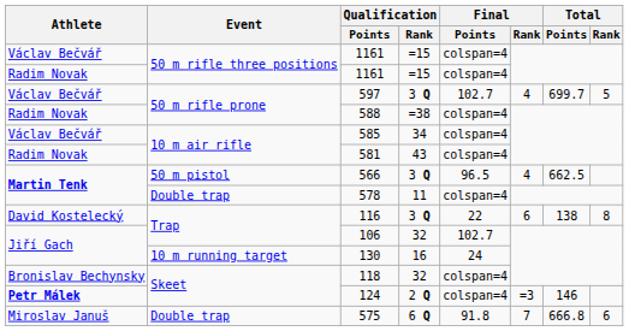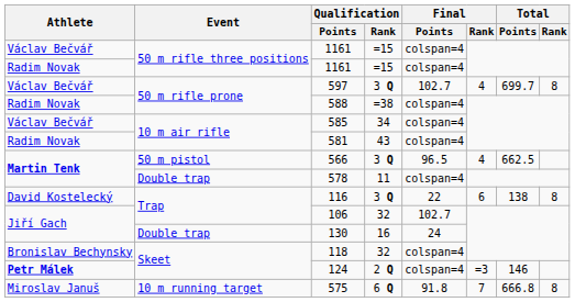 <table class=wikitable style=font-size:90%;text-align:center>
 <tr>
 <th rowspan=2>Athlete</th>
 <th rowspan=2>Event</th>
 <th colspan=2>Qualification</th>
 <th colspan=2>Final</th>
 <th colspan=2>Total</th>
 </tr>
 <tr style=font-size:95%>
 <th>Points</th>
 <th>Rank</th>
 <th>Points</th>
 <th>Rank</th>
 <th>Points</th>
 <th>Rank</th>
 </tr>
 <tr>
 <td align=left><a href='#'>Václav Bečvář</a></td>
 <td align=left rowspan=2><a href='#'>50 m rifle three positions</a></td>
 <td>1161</td>
 <td>=15</td>
 <td>colspan=4 </td>
 </tr>
 <tr>
 <td align=left><a href='#'>Radim Novak</a></td>
 <td>1161</td>
 <td>=15</td>
 <td>colspan=4 </td>
 </tr>
 <tr>
 <td align=left><a href='#'>Václav Bečvář</a></td>
 <td align=left rowspan=2><a href='#'>50 m rifle prone</a></td>
 <td>597</td>
 <td>3 <strong>Q</strong></td>
 <td>102.7</td>
 <td>4</td>
 <td>699.7</td>
-<td>5</td>
+<td>8</td>
 </tr>
 <tr>
 <td align=left><a href='#'>Radim Novak</a></td>
 <td>588</td>
 <td>=38</td>
 <td>colspan=4 </td>
 </tr>
 <tr>
 <td align=left><a href='#'>Václav Bečvář</a></td>
 <td align=left rowspan=2><a href='#'>10 m air rifle</a></td>
 <td>585</td>
 <td>34</td>
 <td>colspan=4 </td>
 </tr>
 <tr>
 <td align=left><a href='#'>Radim Novak</a></td>
 <td>581</td>
 <td>43</td>
 <td>colspan=4 </td>
 </tr>
 <tr>
 <td align=left rowspan=2><strong><a href='#'>Martin Tenk</a></strong></td>
 <td align=left><a href='#'>50 m pistol</a></td>
 <td>566</td>
 <td>3 <strong>Q</strong></td>
 <td>96.5</td>
 <td>4</td>
 <td>662.5</td>
 <td></td>
 </tr>
 <tr>
 <td align=left><a href='#'>Double trap</a></td>
 <td>578</td>
 <td>11</td>
 <td>colspan=4 </td>
 </tr>
 <tr>
 <td align=left><a href='#'>David Kostelecký</a></td>
 <td align=left rowspan=2><a href='#'>Trap</a></td>
 <td>116</td>
 <td>3 <strong>Q</strong></td>
 <td>22</td>
 <td>6</td>
 <td>138</td>
 <td>8</td>
 </tr>
 <tr>
 <td align=left rowspan=2><a href='#'>Jiří Gach</a></td>
 <td>106</td>
 <td>32</td>
 <td>102.7</td>
 </tr>
 <tr>
-<td align=left><a href='#'>10 m running target</a></td>
+<td align=left><a href='#'>Double trap</a></td>
 <td>130</td>
 <td>16</td>
 <td>24</td>
 </tr>
 <tr>
 <td align=left><a href='#'>Bronislav Bechynsky</a></td>
 <td align=left rowspan=2><a href='#'>Skeet</a></td>
 <td>118</td>
 <td>32</td>
 <td>colspan=4 </td>
 </tr>
 <tr>
 <td align=left><strong><a href='#'>Petr Málek</a></strong></td>
 <td>124</td>
 <td>2 <strong>Q</strong></td>
 <td>colspan=4 </td>
 <td>=3</td>
 <td>146</td>
 <td></td>
 </tr>
 <tr>
 <td align=left><a href='#'>Miroslav Januš</a></td>
-<td align=left><a href='#'>Double trap</a></td>
+<td align=left><a href='#'>10 m running target</a></td>
 <td>575</td>
 <td>6 <strong>Q</strong></td>
 <td>91.8</td>
 <td>7</td>
 <td>666.8</td>
-<td>6</td>
+<td>8</td>
 </tr>
 </table>
